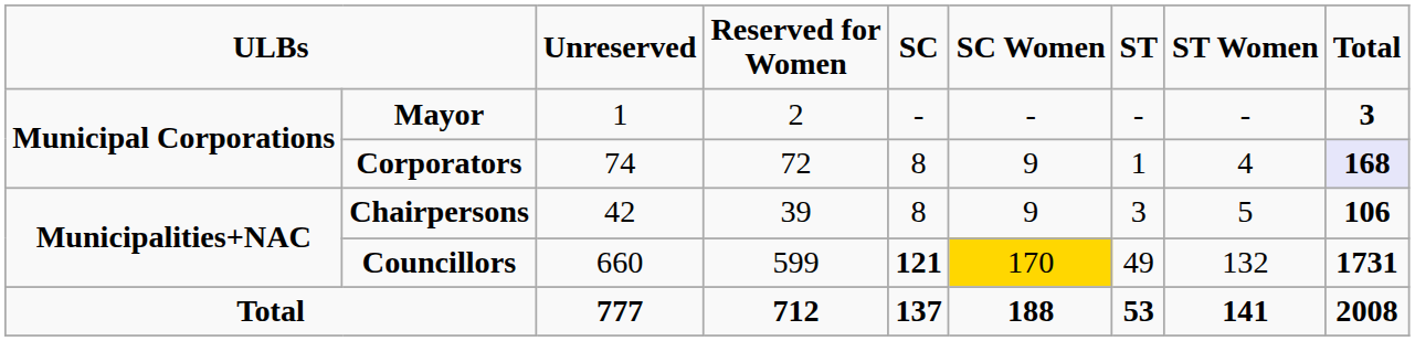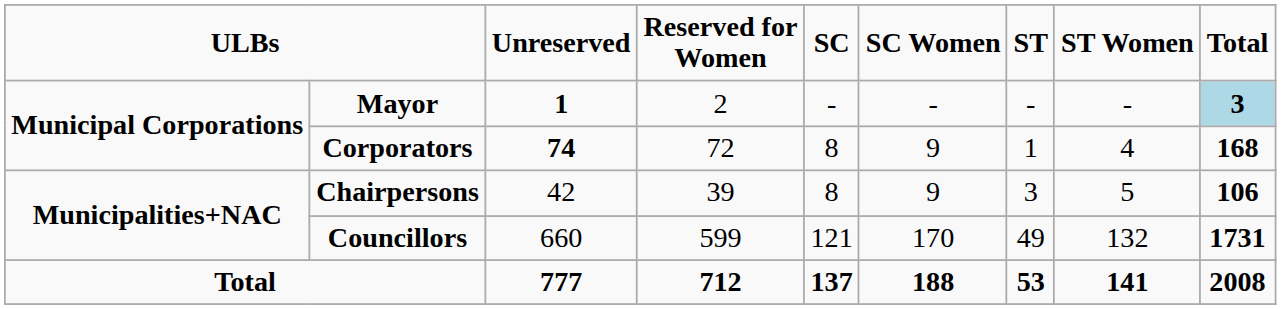 <table class="wikitable" style="text-align:center;">
 <tr>
 <td colspan="2"><strong>ULBs</strong></td>
 <td><strong>Unreserved</strong></td>
 <td><strong>Reserved for</strong><br><strong>Women</strong></td>
 <td><strong>SC</strong></td>
 <td><strong>SC Women</strong></td>
 <td><strong>ST</strong></td>
 <td><strong>ST Women</strong></td>
 <td><strong>Total</strong></td>
 </tr>
 <tr>
 <td rowspan="2"><strong>Municipal Corporations</strong></td>
 <td><strong>Mayor</strong></td>
-<td>1</td>
+<td><strong>1</strong></td>
 <td>2</td>
 <td>-</td>
 <td>-</td>
 <td>-</td>
 <td>-</td>
-<td><strong>3</strong></td>
+<td style="background: lightblue;"><strong>3</strong></td>
 </tr>
 <tr>
 <td><strong>Corporators</strong></td>
-<td>74</td>
+<td><strong>74</strong></td>
 <td>72</td>
 <td>8</td>
 <td>9</td>
 <td>1</td>
 <td>4</td>
-<td style="background: lavender;"><strong>168</strong></td>
+<td><strong>168</strong></td>
 </tr>
 <tr>
 <td rowspan="2"><strong>Municipalities+NAC</strong></td>
 <td><strong>Chairpersons</strong></td>
 <td>42</td>
 <td>39</td>
 <td>8</td>
 <td>9</td>
 <td>3</td>
 <td>5</td>
 <td><strong>106</strong></td>
 </tr>
 <tr>
 <td><strong>Councillors</strong></td>
 <td>660</td>
 <td>599</td>
-<td><strong>121</strong></td>
-<td style="background: gold;">170</td>
+<td>121</td>
+<td>170</td>
 <td>49</td>
 <td>132</td>
 <td><strong>1731</strong></td>
 </tr>
 <tr>
 <td colspan="2"><strong>Total</strong></td>
 <td><strong>777</strong></td>
 <td><strong>712</strong></td>
 <td><strong>137</strong></td>
 <td><strong>188</strong></td>
 <td><strong>53</strong></td>
 <td><strong>141</strong></td>
 <td><strong>2008</strong></td>
 </tr>
 </table>
